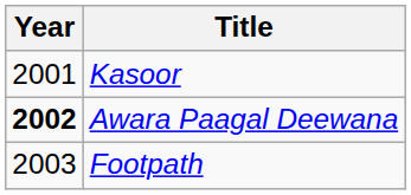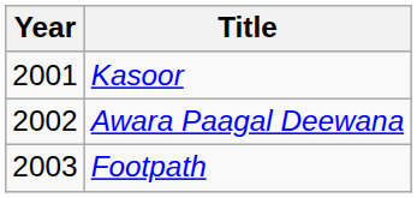 <table class="wikitable sortable">
 <tr>
 <th>Year</th>
 <th>Title</th>
 </tr>
 <tr>
 <td>2001</td>
 <td><em><a href='#'>Kasoor</a></em></td>
 </tr>
 <tr>
-<td><strong>2002</strong></td>
+<td>2002</td>
 <td><em><a href='#'>Awara Paagal Deewana</a></em></td>
 </tr>
 <tr>
 <td>2003</td>
 <td><em><a href='#'>Footpath</a></em></td>
 </tr>
 </table>
